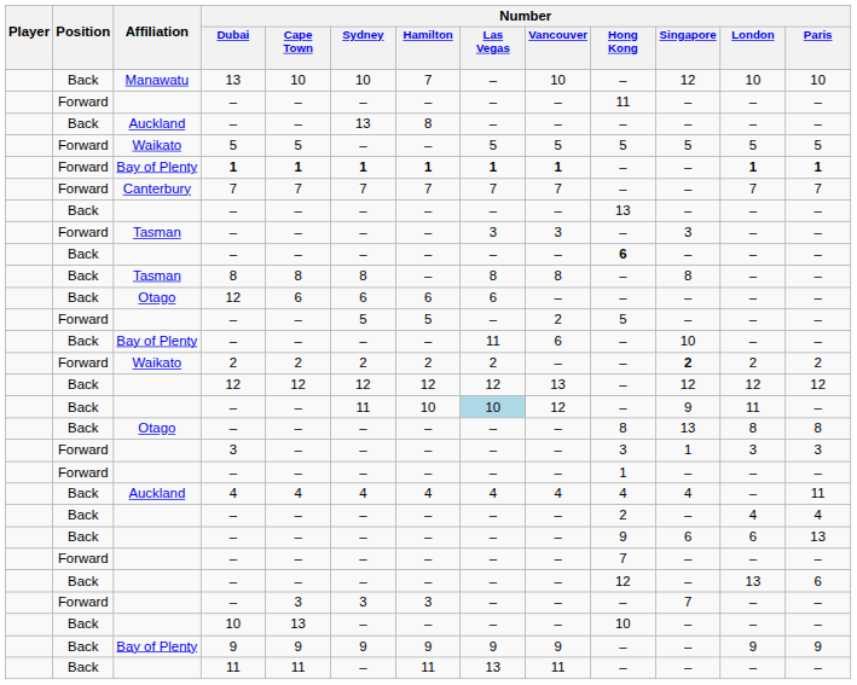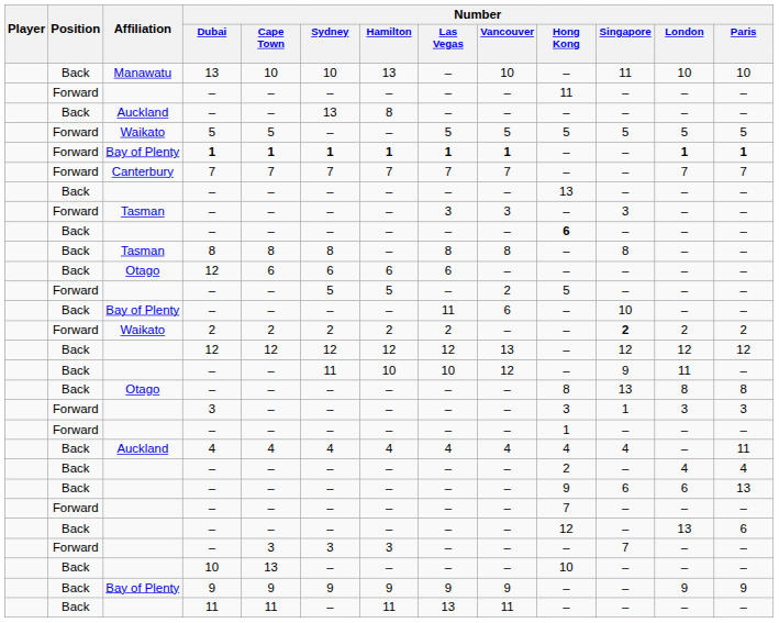 <table class="wikitable sortable" style="text-align:center;">
 <tr>
 <th rowspan=2 style="border-bottom:0px;">Player</th>
 <th rowspan=2 style="border-bottom:0px;">Position</th>
 <th rowspan=2 style="border-bottom:0px;">Affiliation</th>
 <th colspan=10>Number</th>
 </tr>
 <tr>
 <th valign=top style="width:5.2em; border-bottom:0px; padding:2px; font-size:85%;"><a href='#'>Dubai</a></th>
 <th valign=top style="width:5.2em; border-bottom:0px; padding:2px; font-size:85%;"><a href='#'>Cape Town</a></th>
 <th valign=top style="width:5.2em; border-bottom:0px; padding:2px; font-size:85%;"><a href='#'>Sydney</a></th>
 <th valign=top style="width:5.2em; border-bottom:0px; padding:2px; font-size:85%;"><a href='#'>Hamilton</a></th>
 <th valign=top style="width:5.2em; border-bottom:0px; padding:2px; font-size:85%;"><a href='#'>Las<br>Vegas</a></th>
 <th valign=top style="width:5.2em; border-bottom:0px; padding:2px; font-size:85%;"><a href='#'>Vancouver</a></th>
 <th valign=top style="width:5.2em; border-bottom:0px; padding:2px; font-size:85%;"><a href='#'>Hong Kong</a></th>
 <th valign=top style="width:5.2em; border-bottom:0px; padding:2px; font-size:85%;"><a href='#'>Singapore</a></th>
 <th valign=top style="width:5.2em; border-bottom:0px; padding:2px; font-size:85%;"><a href='#'>London</a></th>
 <th valign=top style="width:5.2em; border-bottom:0px; padding:2px; font-size:85%;"><a href='#'>Paris</a></th>
 </tr>
 <tr style="line-height:8px;">
 <th style="border-top:0px;"> </th>
 <th style="border-top:0px;"></th>
 <th style="border-top:0px;"></th>
 <th data-sort-type="number" style="border-top:0px;"></th>
 <th data-sort-type="number" style="border-top:0px;"></th>
 <th data-sort-type="number" style="border-top:0px;"></th>
 <th data-sort-type="number" style="border-top:0px;"></th>
 <th data-sort-type="number" style="border-top:0px;"></th>
 <th data-sort-type="number" style="border-top:0px;"></th>
 <th data-sort-type="number" style="border-top:0px;"></th>
 <th data-sort-type="number" style="border-top:0px;"></th>
 <th data-sort-type="number" style="border-top:0px;"></th>
 <th data-sort-type="number" style="border-top:0px;"></th>
 </tr>
 <tr>
 <td align=left></td>
 <td>Back</td>
 <td><a href='#'>Manawatu</a></td>
 <td>13</td>
 <td>10</td>
 <td>10</td>
-<td>7</td>
+<td>13</td>
 <td>–</td>
 <td>10</td>
 <td>–</td>
-<td>12</td>
+<td>11</td>
 <td>10</td>
 <td>10</td>
 </tr>
 <tr>
 <td align=left></td>
 <td>Forward</td>
 <td></td>
 <td>–</td>
 <td>–</td>
 <td>–</td>
 <td>–</td>
 <td>–</td>
 <td>–</td>
 <td>11</td>
 <td>–</td>
 <td>–</td>
 <td>–</td>
 </tr>
 <tr>
 <td align=left></td>
 <td>Back</td>
 <td><a href='#'>Auckland</a></td>
 <td>–</td>
 <td>–</td>
 <td>13</td>
 <td>8</td>
 <td>–</td>
 <td>–</td>
 <td>–</td>
 <td>–</td>
 <td>–</td>
 <td>–</td>
 </tr>
 <tr>
 <td align=left></td>
 <td>Forward</td>
 <td><a href='#'>Waikato</a></td>
 <td>5</td>
 <td>5</td>
 <td>–</td>
 <td>–</td>
 <td>5</td>
 <td>5</td>
 <td>5</td>
 <td>5</td>
 <td>5</td>
 <td>5</td>
 </tr>
 <tr>
 <td align=left></td>
 <td>Forward</td>
 <td><a href='#'>Bay of Plenty</a></td>
 <td><strong>1</strong></td>
 <td><strong>1</strong></td>
 <td><strong>1</strong></td>
 <td><strong>1</strong></td>
 <td><strong>1</strong></td>
 <td><strong>1</strong></td>
 <td>–</td>
 <td>–</td>
 <td><strong>1</strong></td>
 <td><strong>1</strong></td>
 </tr>
 <tr>
 <td align=left></td>
 <td>Forward</td>
 <td><a href='#'>Canterbury</a></td>
 <td>7</td>
 <td>7</td>
 <td>7</td>
 <td>7</td>
 <td>7</td>
 <td>7</td>
 <td>–</td>
 <td>–</td>
 <td>7</td>
 <td>7</td>
 </tr>
 <tr>
 <td align=left></td>
 <td>Back</td>
 <td></td>
 <td>–</td>
 <td>–</td>
 <td>–</td>
 <td>–</td>
 <td>–</td>
 <td>–</td>
 <td>13</td>
 <td>–</td>
 <td>–</td>
 <td>–</td>
 </tr>
 <tr>
 <td align=left></td>
 <td>Forward</td>
 <td><a href='#'>Tasman</a></td>
 <td>–</td>
 <td>–</td>
 <td>–</td>
 <td>–</td>
 <td>3</td>
 <td>3</td>
 <td>–</td>
 <td>3</td>
 <td>–</td>
 <td>–</td>
 </tr>
 <tr>
 <td align=left></td>
 <td>Back</td>
 <td></td>
 <td>–</td>
 <td>–</td>
 <td>–</td>
 <td>–</td>
 <td>–</td>
 <td>–</td>
 <td><strong>6</strong></td>
 <td>–</td>
 <td>–</td>
 <td>–</td>
 </tr>
 <tr>
 <td align=left></td>
 <td>Back</td>
 <td><a href='#'>Tasman</a></td>
 <td>8</td>
 <td>8</td>
 <td>8</td>
 <td>–</td>
 <td>8</td>
 <td>8</td>
 <td>–</td>
 <td>8</td>
 <td>–</td>
 <td>–</td>
 </tr>
 <tr>
 <td align=left></td>
 <td>Back</td>
 <td><a href='#'>Otago</a></td>
 <td>12</td>
 <td>6</td>
 <td>6</td>
 <td>6</td>
 <td>6</td>
 <td>–</td>
 <td>–</td>
 <td>–</td>
 <td>–</td>
 <td>–</td>
 </tr>
 <tr>
 <td align=left></td>
 <td>Forward</td>
 <td></td>
 <td>–</td>
 <td>–</td>
 <td>5</td>
 <td>5</td>
 <td>–</td>
 <td>2</td>
 <td>5</td>
 <td>–</td>
 <td>–</td>
 <td>–</td>
 </tr>
 <tr>
 <td align=left></td>
 <td>Back</td>
 <td><a href='#'>Bay of Plenty</a></td>
 <td>–</td>
 <td>–</td>
 <td>–</td>
 <td>–</td>
 <td>11</td>
 <td>6</td>
 <td>–</td>
 <td>10</td>
 <td>–</td>
 <td>–</td>
 </tr>
 <tr>
 <td align=left></td>
 <td>Forward</td>
 <td><a href='#'>Waikato</a></td>
 <td>2</td>
 <td>2</td>
 <td>2</td>
 <td>2</td>
 <td>2</td>
 <td>–</td>
 <td>–</td>
 <td><strong>2</strong></td>
 <td>2</td>
 <td>2</td>
 </tr>
 <tr>
 <td align=left></td>
 <td>Back</td>
 <td></td>
 <td>12</td>
 <td>12</td>
 <td>12</td>
 <td>12</td>
 <td>12</td>
 <td>13</td>
 <td>–</td>
 <td>12</td>
 <td>12</td>
 <td>12</td>
 </tr>
 <tr>
 <td align=left></td>
 <td>Back</td>
 <td></td>
 <td>–</td>
 <td>–</td>
 <td>11</td>
 <td>10</td>
-<td style="background: lightblue;">10</td>
+<td>10</td>
 <td>12</td>
 <td>–</td>
 <td>9</td>
 <td>11</td>
 <td>–</td>
 </tr>
 <tr>
 <td align=left></td>
 <td>Back</td>
 <td><a href='#'>Otago</a></td>
 <td>–</td>
 <td>–</td>
 <td>–</td>
 <td>–</td>
 <td>–</td>
 <td>–</td>
 <td>8</td>
 <td>13</td>
 <td>8</td>
 <td>8</td>
 </tr>
 <tr>
 <td align=left></td>
 <td>Forward</td>
 <td></td>
 <td>3</td>
 <td>–</td>
 <td>–</td>
 <td>–</td>
 <td>–</td>
 <td>–</td>
 <td>3</td>
 <td>1</td>
 <td>3</td>
 <td>3</td>
 </tr>
 <tr>
 <td align=left></td>
 <td>Forward</td>
 <td></td>
 <td>–</td>
 <td>–</td>
 <td>–</td>
 <td>–</td>
 <td>–</td>
 <td>–</td>
 <td>1</td>
 <td>–</td>
 <td>–</td>
 <td>–</td>
 </tr>
 <tr>
 <td align=left></td>
 <td>Back</td>
 <td><a href='#'>Auckland</a></td>
 <td>4</td>
 <td>4</td>
 <td>4</td>
 <td>4</td>
 <td>4</td>
 <td>4</td>
 <td>4</td>
 <td>4</td>
 <td>–</td>
 <td>11</td>
 </tr>
 <tr>
 <td align=left></td>
 <td>Back</td>
 <td></td>
 <td>–</td>
 <td>–</td>
 <td>–</td>
 <td>–</td>
 <td>–</td>
 <td>–</td>
 <td>2</td>
 <td>–</td>
 <td>4</td>
 <td>4</td>
 </tr>
 <tr>
 <td align=left></td>
 <td>Back</td>
 <td></td>
 <td>–</td>
 <td>–</td>
 <td>–</td>
 <td>–</td>
 <td>–</td>
 <td>–</td>
 <td>9</td>
 <td>6</td>
 <td>6</td>
 <td>13</td>
 </tr>
 <tr>
 <td align=left></td>
 <td>Forward</td>
 <td></td>
 <td>–</td>
 <td>–</td>
 <td>–</td>
 <td>–</td>
 <td>–</td>
 <td>–</td>
 <td>7</td>
 <td>–</td>
 <td>–</td>
 <td>–</td>
 </tr>
 <tr>
 <td align=left></td>
 <td>Back</td>
 <td></td>
 <td>–</td>
 <td>–</td>
 <td>–</td>
 <td>–</td>
 <td>–</td>
 <td>–</td>
 <td>12</td>
 <td>–</td>
 <td>13</td>
 <td>6</td>
 </tr>
 <tr>
 <td align=left></td>
 <td>Forward</td>
 <td></td>
 <td>–</td>
 <td>3</td>
 <td>3</td>
 <td>3</td>
 <td>–</td>
 <td>–</td>
 <td>–</td>
 <td>7</td>
 <td>–</td>
 <td>–</td>
 </tr>
 <tr>
 <td align=left></td>
 <td>Back</td>
 <td></td>
 <td>10</td>
 <td>13</td>
 <td>–</td>
 <td>–</td>
 <td>–</td>
 <td>–</td>
 <td>10</td>
 <td>–</td>
 <td>–</td>
 <td>–</td>
 </tr>
 <tr>
 <td align=left></td>
 <td>Back</td>
 <td><a href='#'>Bay of Plenty</a></td>
 <td>9</td>
 <td>9</td>
 <td>9</td>
 <td>9</td>
 <td>9</td>
 <td>9</td>
 <td>–</td>
 <td>–</td>
 <td>9</td>
 <td>9</td>
 </tr>
 <tr>
 <td align=left></td>
 <td>Back</td>
 <td></td>
 <td>11</td>
 <td>11</td>
 <td>–</td>
 <td>11</td>
 <td>13</td>
 <td>11</td>
 <td>–</td>
 <td>–</td>
 <td>–</td>
 <td>–</td>
 </tr>
 </table>
